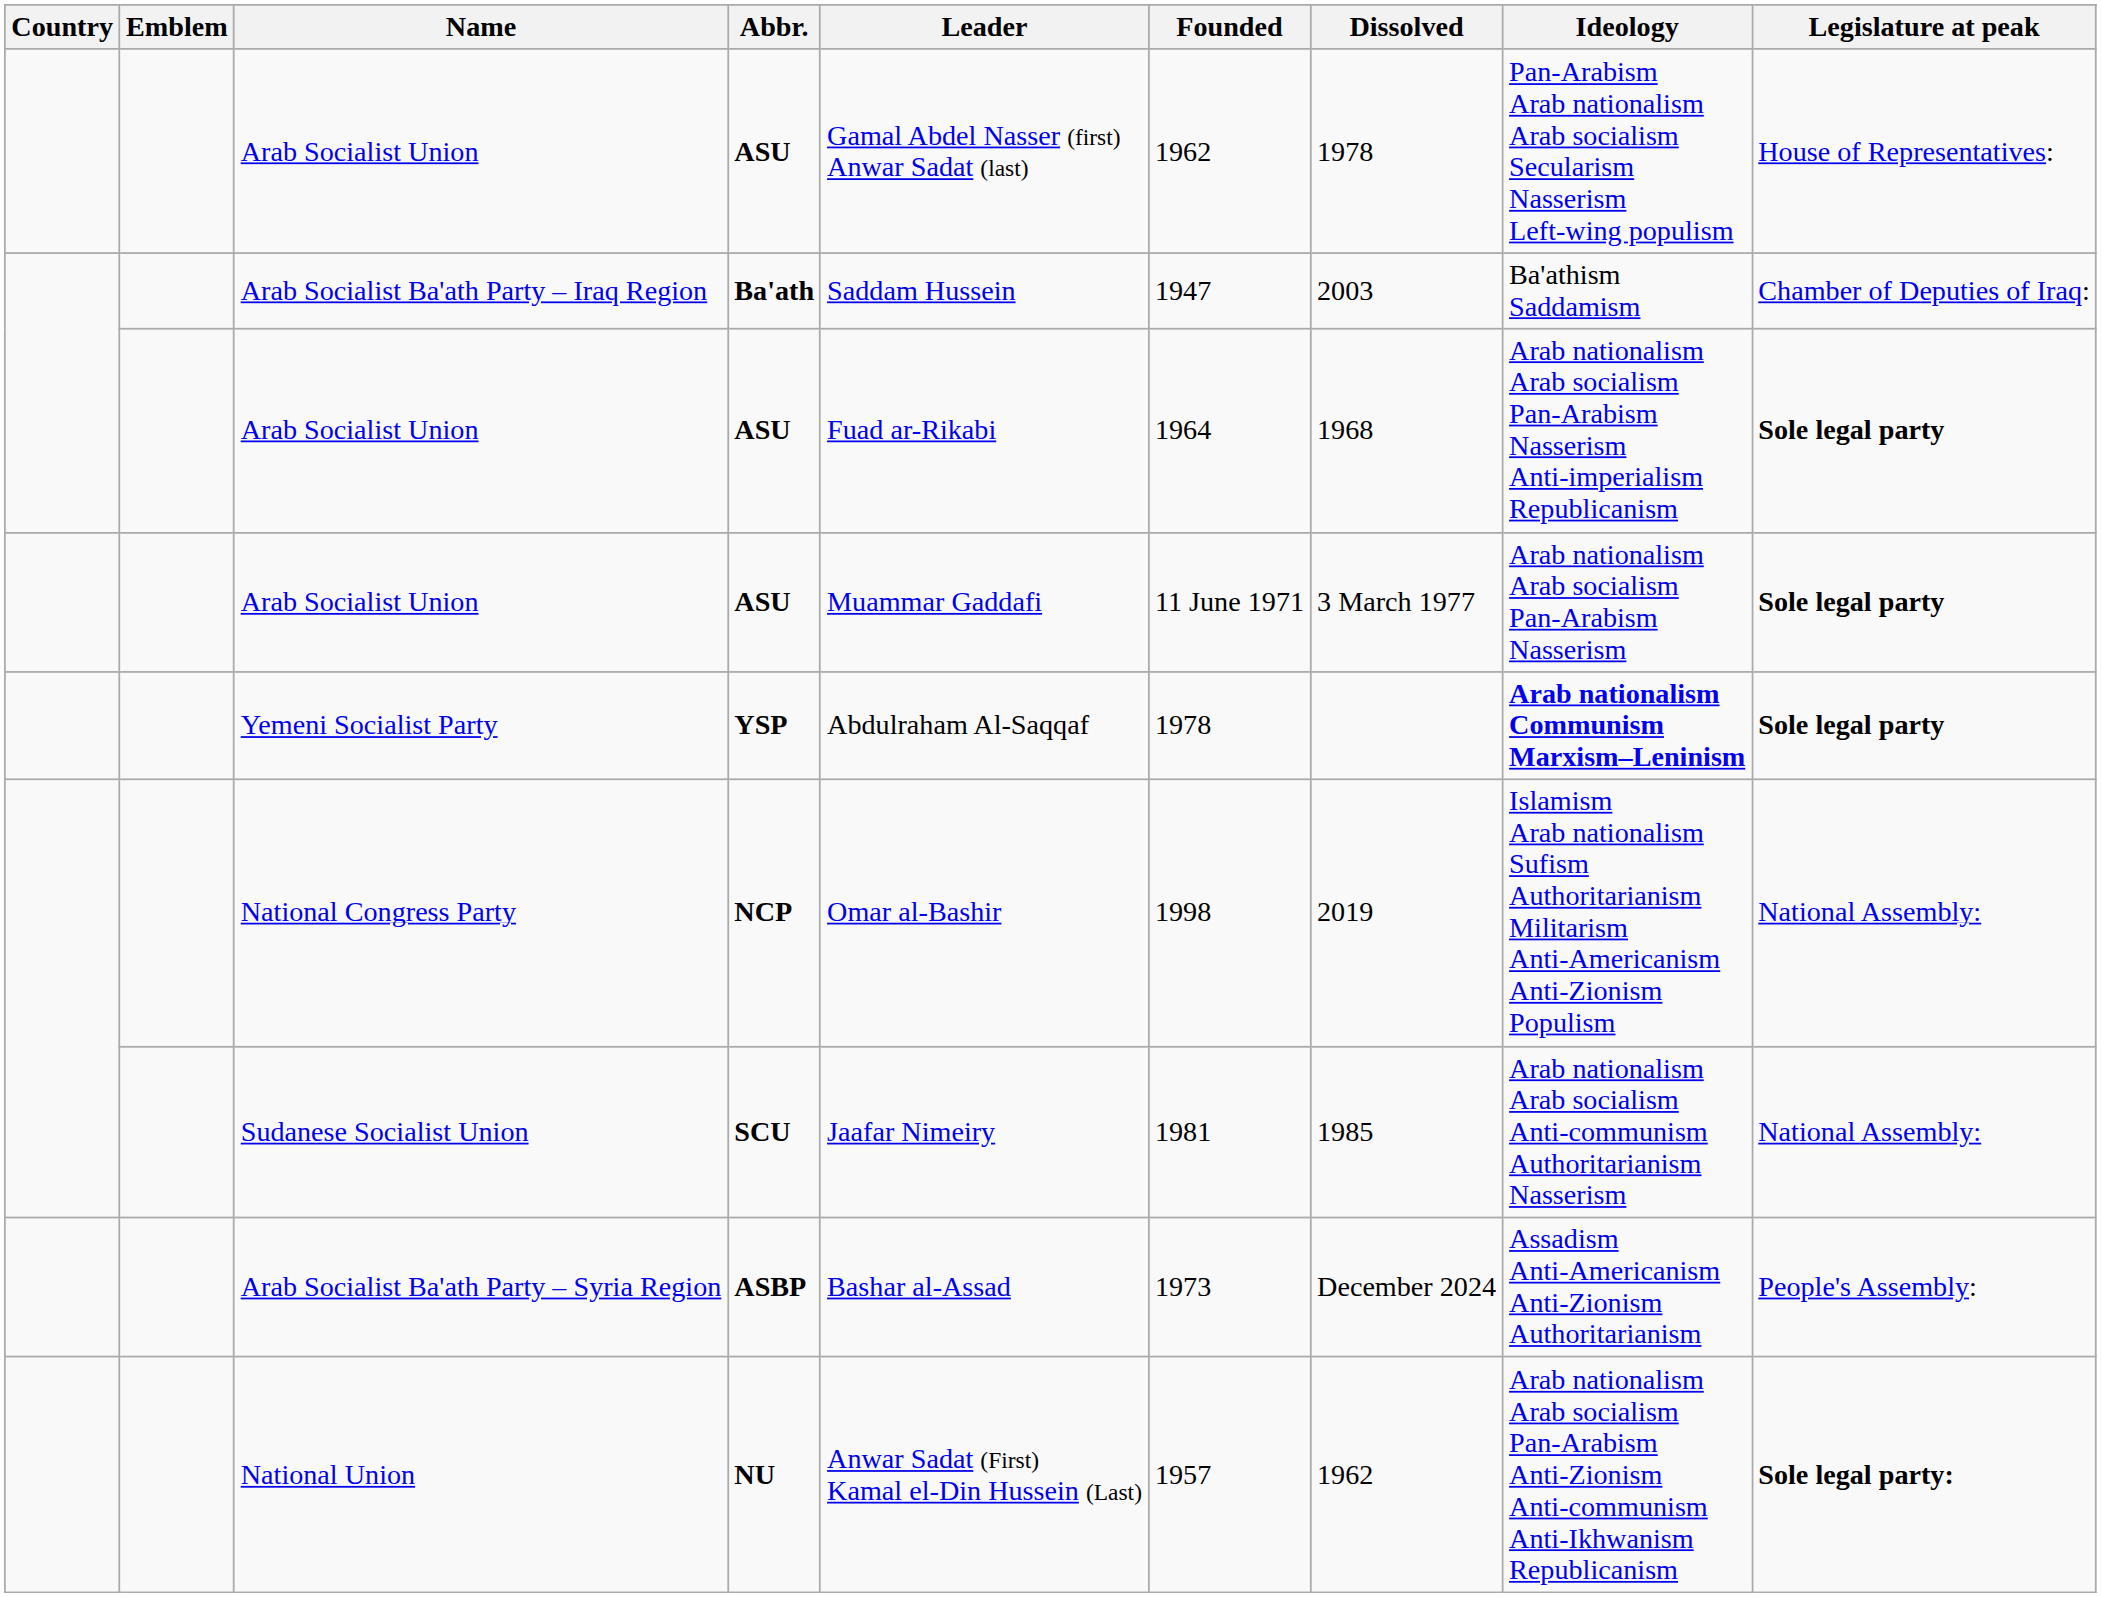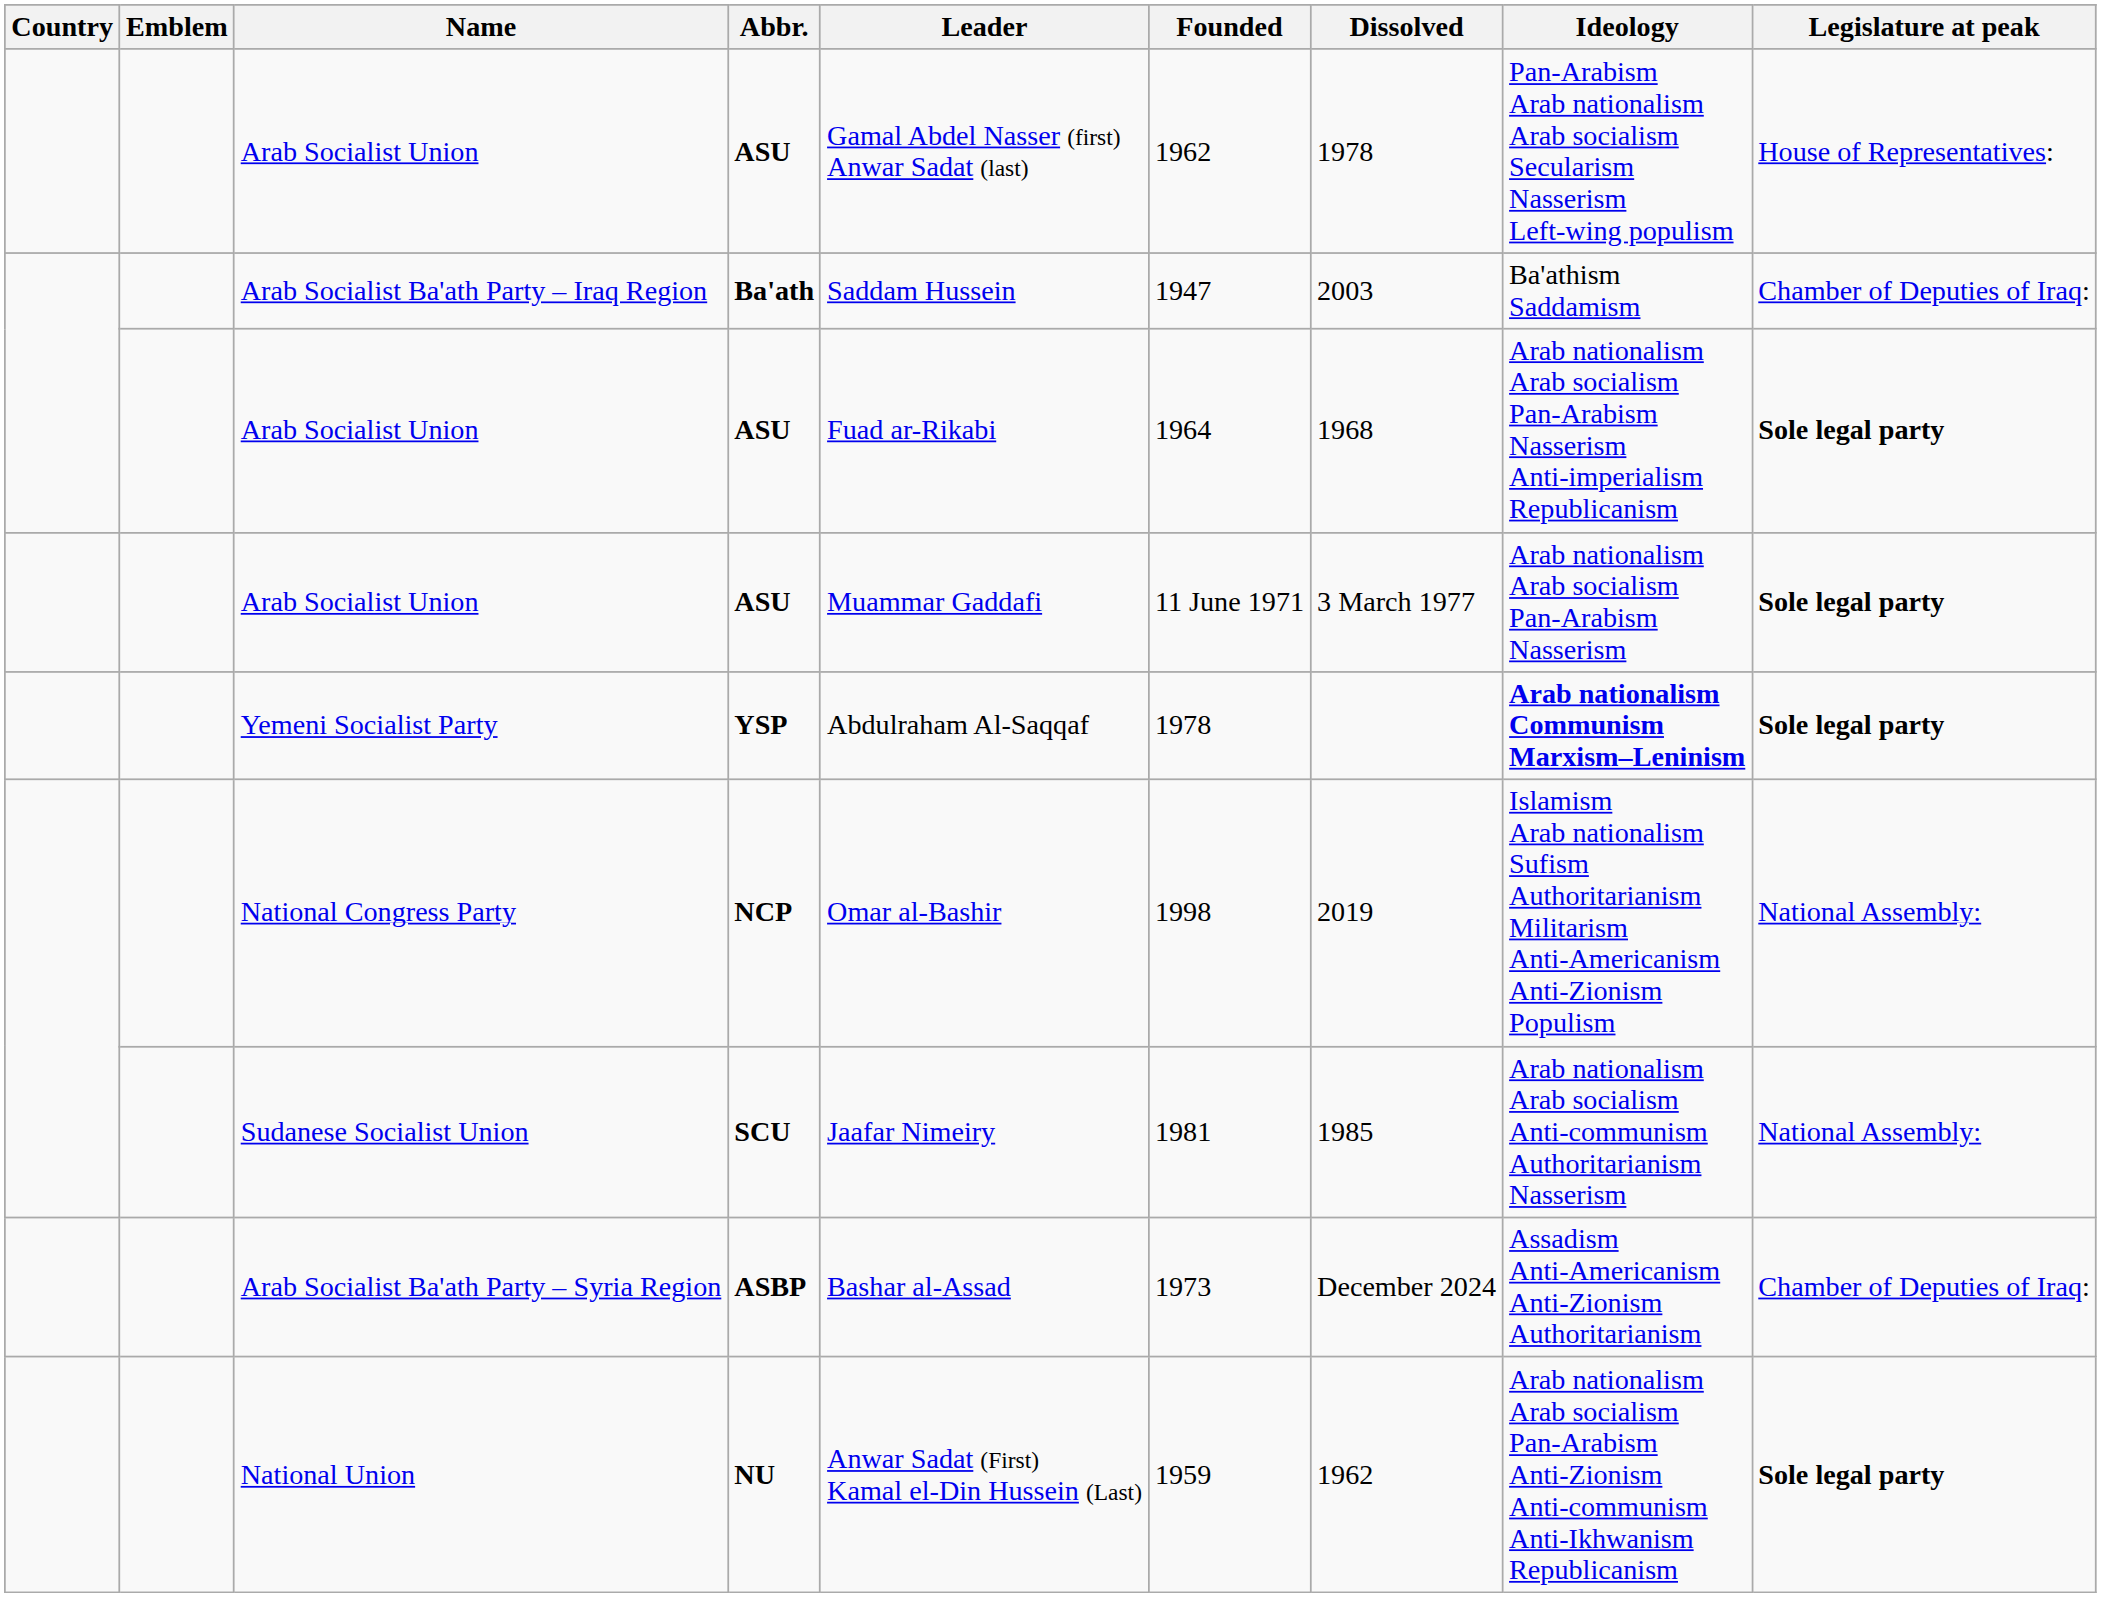 <table class="wikitable sortable">
 <tr>
 <th>Country</th>
 <th>Emblem</th>
 <th>Name</th>
 <th>Abbr.</th>
 <th>Leader</th>
 <th>Founded</th>
 <th>Dissolved</th>
 <th>Ideology</th>
 <th>Legislature at peak</th>
 </tr>
 <tr>
 <td></td>
 <td></td>
 <td><a href='#'>Arab Socialist Union</a><br><small></small></td>
 <td><strong>ASU</strong></td>
 <td><a href='#'>Gamal Abdel Nasser</a> <small>(first)</small><br><a href='#'>Anwar Sadat</a> <small>(last)</small></td>
 <td>1962</td>
 <td>1978</td>
 <td><a href='#'>Pan-Arabism</a><br><a href='#'>Arab nationalism</a><br><a href='#'>Arab socialism</a><br><a href='#'>Secularism</a><br><a href='#'>Nasserism</a><br><a href='#'>Left-wing populism</a></td>
 <td><a href='#'>House of Representatives</a>:</td>
 </tr>
 <tr>
 <td rowspan="2"></td>
 <td></td>
 <td><a href='#'>Arab Socialist Ba'ath Party – Iraq Region</a><br><small></small></td>
 <td><strong>Ba'ath</strong></td>
 <td><a href='#'>Saddam Hussein</a></td>
 <td>1947</td>
 <td>2003</td>
 <td>Ba'athism<br><a href='#'>Saddamism</a></td>
 <td><a href='#'> Chamber of Deputies of Iraq</a>:</td>
 </tr>
 <tr>
 <td></td>
 <td><a href='#'>Arab Socialist Union</a><br><small></small></td>
 <td><strong>ASU</strong></td>
 <td><a href='#'>Fuad ar-Rikabi</a></td>
 <td>1964</td>
 <td>1968</td>
 <td><a href='#'>Arab nationalism</a><br><a href='#'>Arab socialism</a><br><a href='#'>Pan-Arabism</a><br><a href='#'>Nasserism</a><br><a href='#'>Anti-imperialism</a><br><a href='#'>Republicanism</a></td>
 <td><strong>Sole legal party</strong></td>
 </tr>
 <tr>
 <td></td>
 <td></td>
 <td><a href='#'>Arab Socialist Union</a><br><small></small></td>
 <td><strong>ASU</strong></td>
 <td><a href='#'>Muammar Gaddafi</a></td>
 <td>11 June 1971</td>
 <td>3 March 1977</td>
 <td><a href='#'>Arab nationalism</a><br><a href='#'>Arab socialism</a><br><a href='#'>Pan-Arabism</a><br><a href='#'>Nasserism</a></td>
 <td><strong>Sole legal party</strong></td>
 </tr>
 <tr>
 <td></td>
 <td></td>
 <td><a href='#'>Yemeni Socialist Party</a><br><small></small></td>
 <td><strong>YSP</strong></td>
 <td>Abdulraham Al-Saqqaf</td>
 <td>1978</td>
 <td></td>
 <td><strong><a href='#'>Arab nationalism</a><br><a href='#'>Communism</a><br><a href='#'>Marxism–Leninism</a></strong></td>
 <td><strong>Sole legal party</strong></td>
 </tr>
 <tr>
 <td rowspan="2"></td>
 <td></td>
 <td><a href='#'>National Congress Party</a><br><small></small></td>
 <td><strong>NCP</strong></td>
 <td><a href='#'>Omar al-Bashir</a></td>
 <td>1998</td>
 <td>2019</td>
 <td><a href='#'>Islamism</a><br><a href='#'>Arab nationalism</a><br><a href='#'>Sufism</a><br><a href='#'>Authoritarianism</a><br><a href='#'>Militarism</a><br><a href='#'>Anti-Americanism</a><br><a href='#'>Anti-Zionism</a><br><a href='#'>Populism</a></td>
 <td><a href='#'>National Assembly:</a></td>
 </tr>
 <tr>
 <td></td>
 <td><a href='#'>Sudanese Socialist Union</a><br><small></small></td>
 <td><strong>SCU</strong></td>
 <td><a href='#'>Jaafar Nimeiry</a></td>
 <td>1981</td>
 <td>1985</td>
 <td><a href='#'>Arab nationalism</a><br><a href='#'>Arab socialism</a><br><a href='#'>Anti-communism</a><br><a href='#'>Authoritarianism</a><br><a href='#'>Nasserism</a></td>
 <td><a href='#'>National Assembly:</a></td>
 </tr>
 <tr>
 <td></td>
 <td></td>
 <td><a href='#'>Arab Socialist Ba'ath Party – Syria Region</a><br><small></small></td>
 <td><strong>ASBP</strong></td>
 <td><a href='#'>Bashar al-Assad</a></td>
 <td>1973</td>
 <td>December 2024</td>
 <td><a href='#'>Assadism</a><br><a href='#'>Anti-Americanism</a><br><a href='#'>Anti-Zionism</a><br><a href='#'>Authoritarianism</a></td>
-<td><a href='#'>People's Assembly</a>:</td>
+<td><a href='#'> Chamber of Deputies of Iraq</a>:</td>
 </tr>
 <tr>
 <td></td>
 <td></td>
 <td><a href='#'>National Union</a><br><small></small></td>
 <td><strong>NU</strong></td>
 <td><a href='#'>Anwar Sadat</a> <small>(First)</small><br><a href='#'>Kamal el-Din Hussein</a> <small>(Last)</small></td>
-<td>1957</td>
+<td>1959</td>
 <td>1962</td>
 <td><a href='#'>Arab nationalism</a><br><a href='#'>Arab socialism</a><br><a href='#'>Pan-Arabism</a><br><a href='#'>Anti-Zionism</a><br><a href='#'>Anti-communism</a><br><a href='#'>Anti-Ikhwanism</a><br><a href='#'>Republicanism</a></td>
-<td><strong>Sole legal party:</strong></td>
+<td><strong>Sole legal party</strong></td>
 </tr>
 </table>
